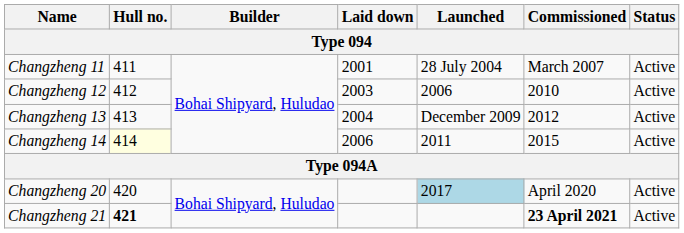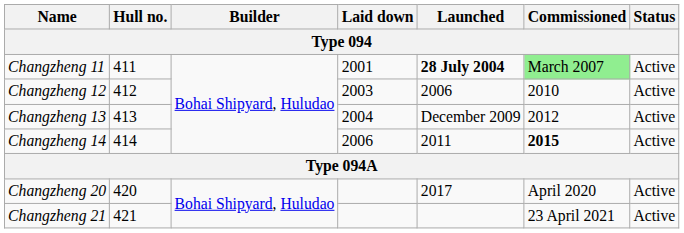 <table class="wikitable">
 <tr>
 <th>Name</th>
 <th>Hull no.</th>
 <th>Builder</th>
 <th>Laid down</th>
 <th>Launched</th>
 <th>Commissioned</th>
 <th>Status</th>
 </tr>
 <tr>
 <th colspan="7">Type 094</th>
 </tr>
 <tr>
 <td><em>Changzheng 11</em></td>
 <td>411 </td>
 <td rowspan="4"><a href='#'>Bohai Shipyard</a>, <a href='#'>Huludao</a></td>
 <td>2001 </td>
-<td>28 July 2004 </td>
-<td>March 2007 </td>
+<td><strong>28 July 2004 </strong></td>
+<td style="background: lightgreen;">March 2007 </td>
 <td>Active</td>
 </tr>
 <tr>
 <td><em>Changzheng 12</em></td>
 <td>412 </td>
 <td>2003 </td>
 <td>2006 </td>
 <td>2010 </td>
 <td>Active</td>
 </tr>
 <tr>
 <td><em>Changzheng 13</em> </td>
 <td>413 </td>
 <td>2004 </td>
 <td>December 2009 </td>
 <td>2012 </td>
 <td>Active</td>
 </tr>
 <tr>
 <td><em>Changzheng 14</em> </td>
-<td style="background: lightyellow;">414 </td>
+<td>414 </td>
 <td>2006 </td>
 <td>2011 </td>
-<td>2015 </td>
+<td><strong>2015 </strong></td>
 <td>Active</td>
 </tr>
 <tr>
 <th colspan="7">Type 094A</th>
 </tr>
 <tr>
 <td><em>Changzheng 20</em></td>
 <td>420</td>
 <td rowspan="2"><a href='#'>Bohai Shipyard</a>, <a href='#'>Huludao</a></td>
 <td></td>
-<td style="background: lightblue;">2017 </td>
+<td>2017 </td>
 <td>April 2020 </td>
 <td>Active</td>
 </tr>
 <tr>
 <td><em>Changzheng 21</em></td>
-<td><strong>421</strong></td>
+<td>421</td>
 <td></td>
 <td></td>
-<td><strong>23 April 2021</strong></td>
+<td>23 April 2021</td>
 <td>Active</td>
 </tr>
 </table>
